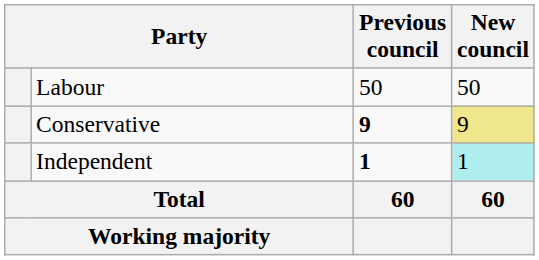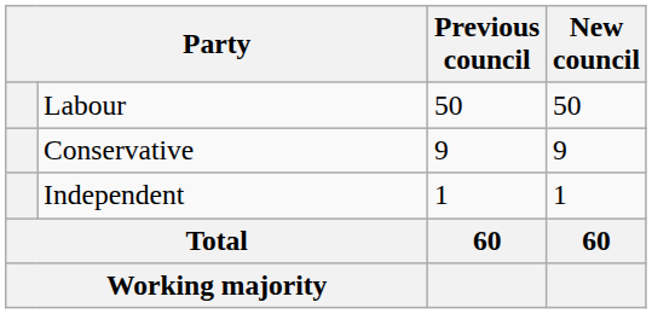 <table class="wikitable">
 <tr>
 <th valign=centre colspan="2" style="width: 230px">Party</th>
 <th valign=top style="width: 30px">Previous council</th>
 <th valign=top style="width: 30px">New council</th>
 </tr>
 <tr>
 <th style="background-color: "></th>
 <td>Labour</td>
 <td>50</td>
 <td>50</td>
 </tr>
 <tr>
 <th style="background-color: "></th>
 <td>Conservative</td>
-<td><strong>9</strong></td>
-<td style="background: khaki;">9</td>
+<td>9</td>
+<td>9</td>
 </tr>
 <tr>
 <th style="background-color: "></th>
 <td>Independent</td>
-<td><strong>1</strong></td>
-<td style="background: paleturquoise;">1</td>
+<td>1</td>
+<td>1</td>
 </tr>
 <tr>
 <th colspan=2>Total</th>
 <th style="text-align: center">60</th>
 <th colspan=3>60</th>
 </tr>
 <tr>
 <th colspan=2>Working majority</th>
 <th></th>
 <th></th>
 </tr>
 </table>
